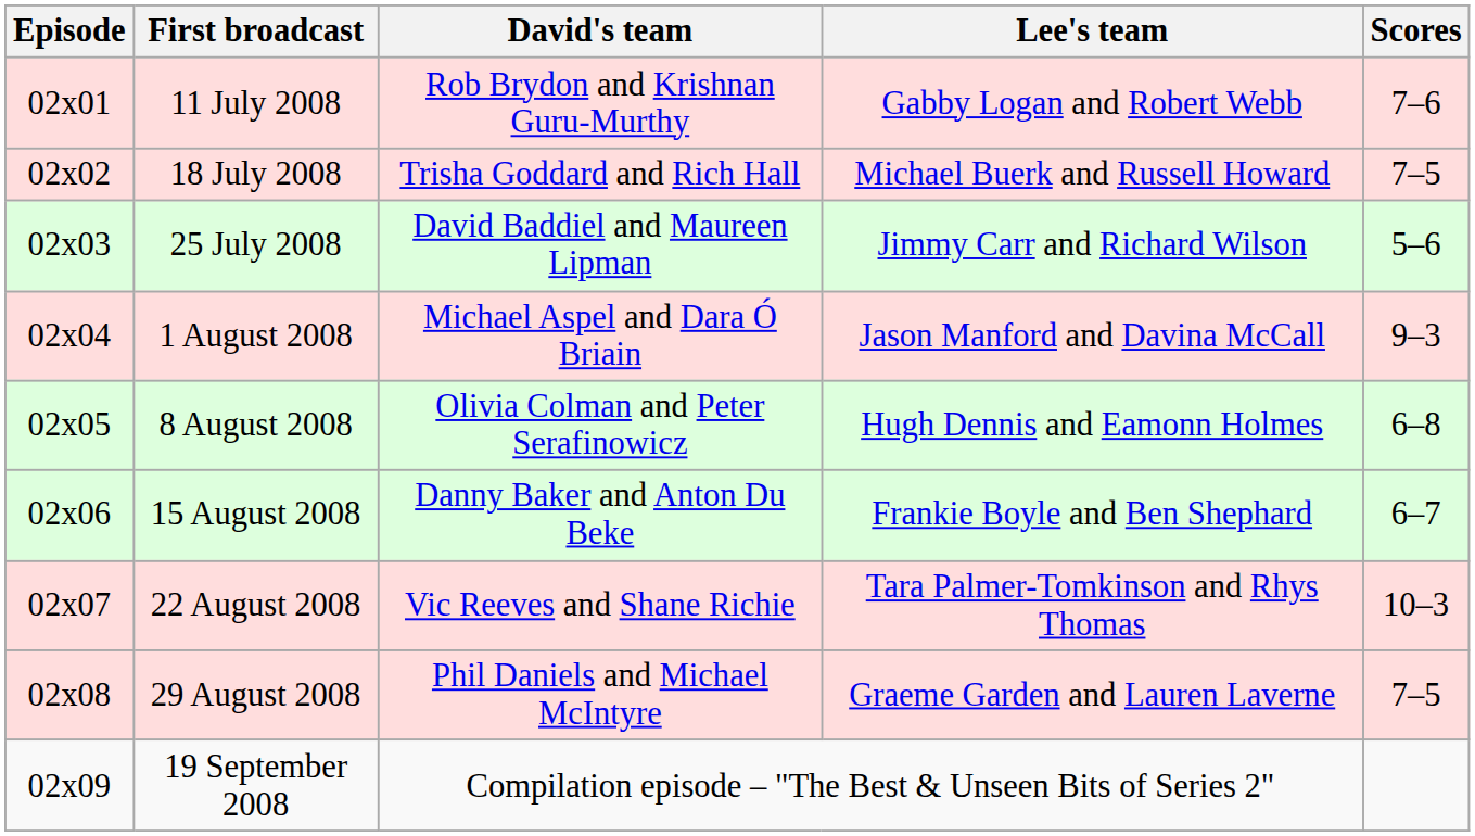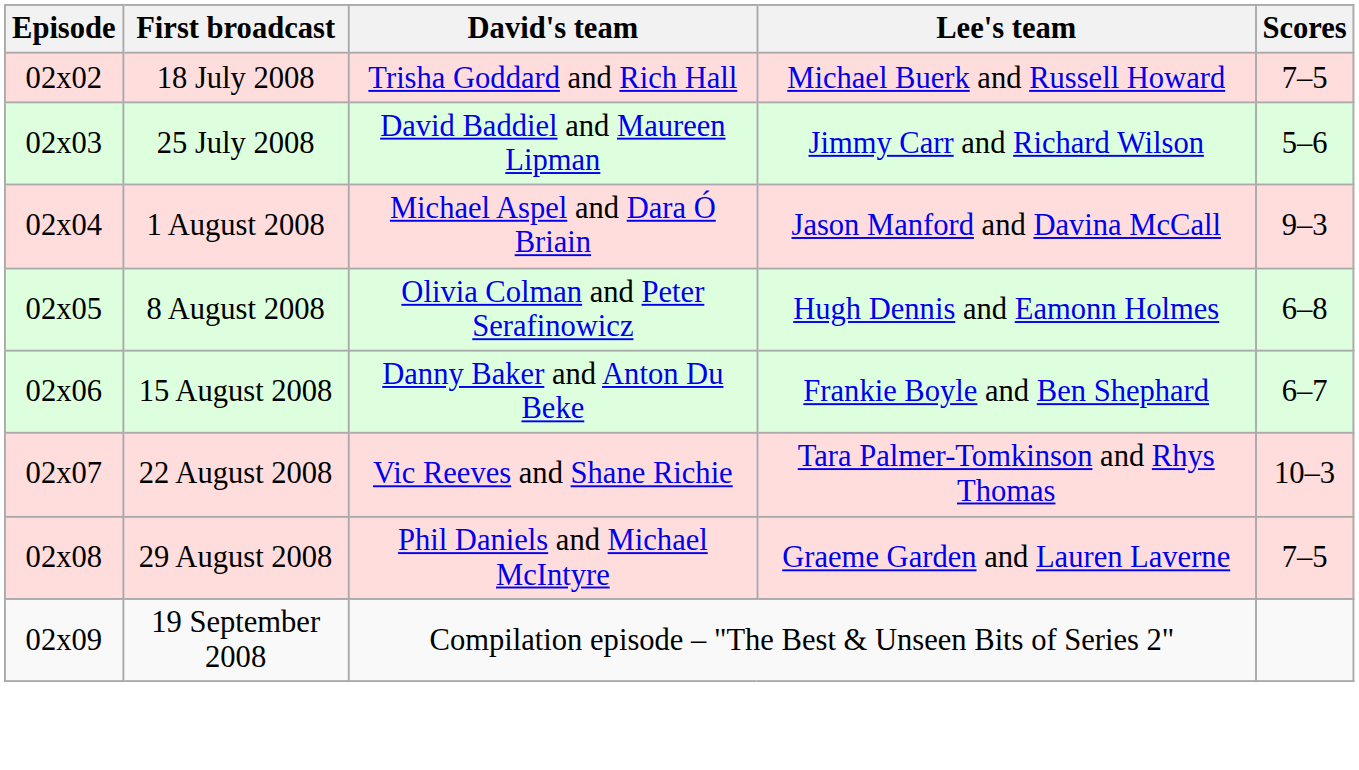 <table class="wikitable"  style="width:80%; left:0 auto; text-align:center;">
 <tr>
 <th style="width:8%;">Episode</th>
 <th style="width:17%;">First broadcast</th>
 <th style="width:31%;">David's team</th>
 <th style="width:38%;">Lee's team</th>
 <th style="width:6%;">Scores</th>
-</tr>
-<tr style="background:#fdd;">
-<td>02x01</td>
-<td>11 July 2008</td>
-<td><a href='#'>Rob Brydon</a> and <a href='#'>Krishnan Guru-Murthy</a></td>
-<td><a href='#'>Gabby Logan</a> and <a href='#'>Robert Webb</a></td>
-<td>7–6</td>
 </tr>
 <tr style="background:#fdd;">
 <td>02x02</td>
 <td>18 July 2008</td>
 <td><a href='#'>Trisha Goddard</a> and <a href='#'>Rich Hall</a></td>
 <td><a href='#'>Michael Buerk</a> and <a href='#'>Russell Howard</a></td>
 <td>7–5</td>
 </tr>
 <tr style="background:#dfd;">
 <td>02x03</td>
 <td>25 July 2008</td>
 <td><a href='#'>David Baddiel</a> and <a href='#'>Maureen Lipman</a></td>
 <td><a href='#'>Jimmy Carr</a> and <a href='#'>Richard Wilson</a></td>
 <td>5–6</td>
 </tr>
 <tr style="background:#fdd;">
 <td>02x04</td>
 <td>1 August 2008</td>
 <td><a href='#'>Michael Aspel</a> and <a href='#'>Dara Ó Briain</a></td>
 <td><a href='#'>Jason Manford</a> and <a href='#'>Davina McCall</a></td>
 <td>9–3</td>
 </tr>
 <tr style="background:#dfd;">
 <td>02x05</td>
 <td>8 August 2008</td>
 <td><a href='#'>Olivia Colman</a> and <a href='#'>Peter Serafinowicz</a></td>
 <td><a href='#'>Hugh Dennis</a> and <a href='#'>Eamonn Holmes</a></td>
 <td>6–8</td>
 </tr>
 <tr style="background:#dfd;">
 <td>02x06</td>
 <td>15 August 2008</td>
 <td><a href='#'>Danny Baker</a> and <a href='#'>Anton Du Beke</a></td>
 <td><a href='#'>Frankie Boyle</a> and <a href='#'>Ben Shephard</a></td>
 <td>6–7</td>
 </tr>
 <tr style="background:#fdd;">
 <td>02x07</td>
 <td>22 August 2008</td>
 <td><a href='#'>Vic Reeves</a> and <a href='#'>Shane Richie</a></td>
 <td><a href='#'>Tara Palmer-Tomkinson</a> and <a href='#'>Rhys Thomas</a></td>
 <td>10–3</td>
 </tr>
 <tr style="background:#fdd;">
 <td>02x08</td>
 <td>29 August 2008</td>
 <td><a href='#'>Phil Daniels</a> and <a href='#'>Michael McIntyre</a></td>
 <td><a href='#'>Graeme Garden</a> and <a href='#'>Lauren Laverne</a></td>
 <td>7–5</td>
 </tr>
 <tr>
 <td>02x09</td>
 <td>19 September 2008</td>
 <td colspan="2">Compilation episode – "The Best & Unseen Bits of Series 2"</td>
 <td></td>
 </tr>
 </table>
